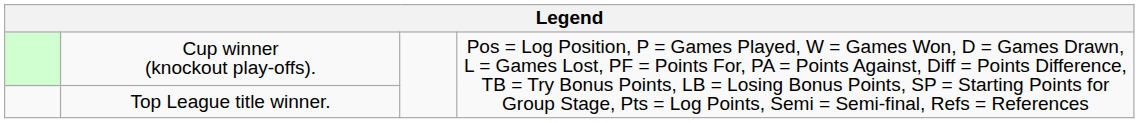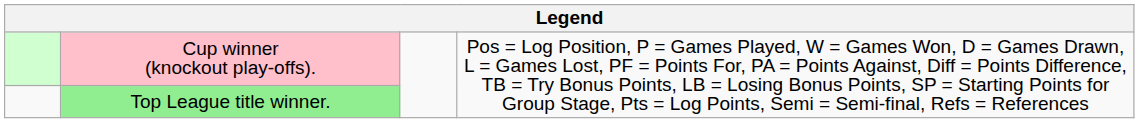 <table class="wikitable" style="text-align:center; line-height:100%; font-size:100%; width:60%;">
 <tr>
 <th colspan="4" style="border:0px">Legend</th>
 </tr>
 <tr>
 <td style="height:10px; width:5%; background:#d0ffd0;"></td>
-<td style="width:30%;">Cup winner<br>(knockout play-offs).</td>
+<td style="background: pink; width:30%;">Cup winner<br>(knockout play-offs).</td>
 <td rowspan="2" style="width:5%;"></td>
 <td rowspan="2" style="width:60%;">Pos = Log Position, P = Games Played, W = Games Won, D = Games Drawn, L = Games Lost, PF = Points For, PA = Points Against, Diff = Points Difference, TB = Try Bonus Points, LB = Losing Bonus Points, SP = Starting Points for Group Stage, Pts = Log Points, Semi = Semi-final, Refs = References</td>
 </tr>
 <tr>
 <td style="height:10px;"></td>
-<td>Top League title winner.</td>
+<td style="background: lightgreen;">Top League title winner.</td>
 </tr>
 </table>
